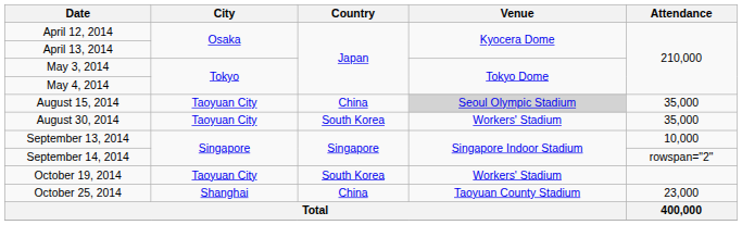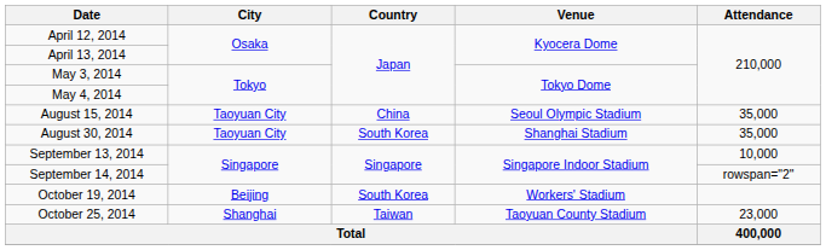 <table class="wikitable" style="text-align:center;">
 <tr>
 <th width="200">Date</th>
 <th width="200">City</th>
 <th width="150">Country</th>
 <th width="300">Venue</th>
 <th width="150">Attendance</th>
 </tr>
 <tr>
 <td>April 12, 2014</td>
 <td rowspan=2><a href='#'>Osaka</a></td>
 <td rowspan=4><a href='#'>Japan</a></td>
 <td rowspan=2><a href='#'>Kyocera Dome</a></td>
 <td rowspan=4>210,000</td>
 </tr>
 <tr>
 <td>April 13, 2014</td>
 </tr>
 <tr>
 <td>May 3, 2014</td>
 <td rowspan=2><a href='#'>Tokyo</a></td>
 <td rowspan=2><a href='#'>Tokyo Dome</a></td>
 </tr>
 <tr>
 <td>May 4, 2014</td>
 </tr>
 <tr>
 <td>August 15, 2014</td>
 <td><a href='#'>Taoyuan City</a></td>
 <td><a href='#'>China</a></td>
-<td style="background: lightgrey;"><a href='#'>Seoul Olympic Stadium</a></td>
+<td><a href='#'>Seoul Olympic Stadium</a></td>
 <td>35,000</td>
 </tr>
 <tr>
 <td>August 30, 2014</td>
 <td><a href='#'>Taoyuan City</a></td>
 <td><a href='#'>South Korea</a></td>
-<td><a href='#'>Workers' Stadium</a></td>
+<td><a href='#'>Shanghai Stadium</a></td>
 <td>35,000</td>
 </tr>
 <tr>
 <td>September 13, 2014</td>
 <td rowspan=2><a href='#'>Singapore</a></td>
 <td rowspan=2><a href='#'>Singapore</a></td>
 <td rowspan=2><a href='#'>Singapore Indoor Stadium</a></td>
 <td>10,000</td>
 </tr>
 <tr>
 <td>September 14, 2014</td>
 <td>rowspan="2" </td>
 </tr>
 <tr>
 <td>October 19, 2014</td>
-<td><a href='#'>Taoyuan City</a></td>
+<td><a href='#'>Beijing</a></td>
 <td><a href='#'>South Korea</a></td>
 <td><a href='#'>Workers' Stadium</a></td>
 </tr>
 <tr>
 <td>October 25, 2014</td>
 <td><a href='#'>Shanghai</a></td>
-<td><a href='#'>China</a></td>
+<td><a href='#'>Taiwan</a></td>
 <td><a href='#'>Taoyuan County Stadium</a></td>
 <td>23,000</td>
 </tr>
 <tr>
 <th colspan="4"><strong>Total</strong></th>
 <th><strong>400,000</strong></th>
 </tr>
 <tr>
 </tr>
 </table>
